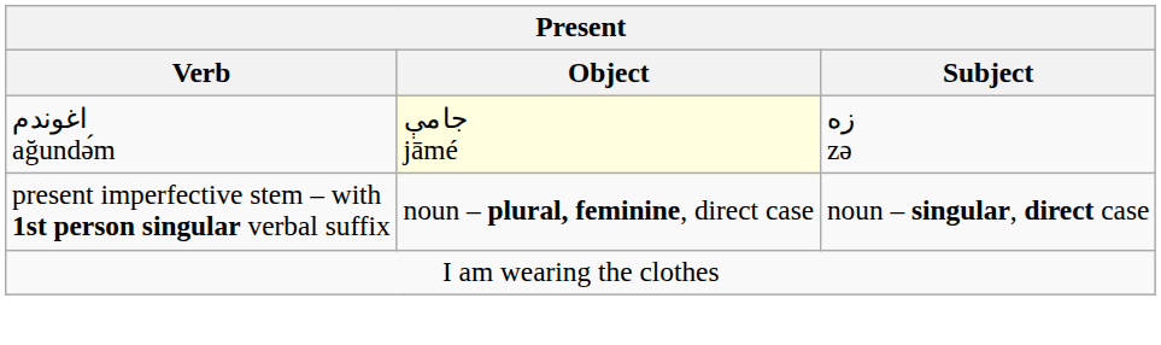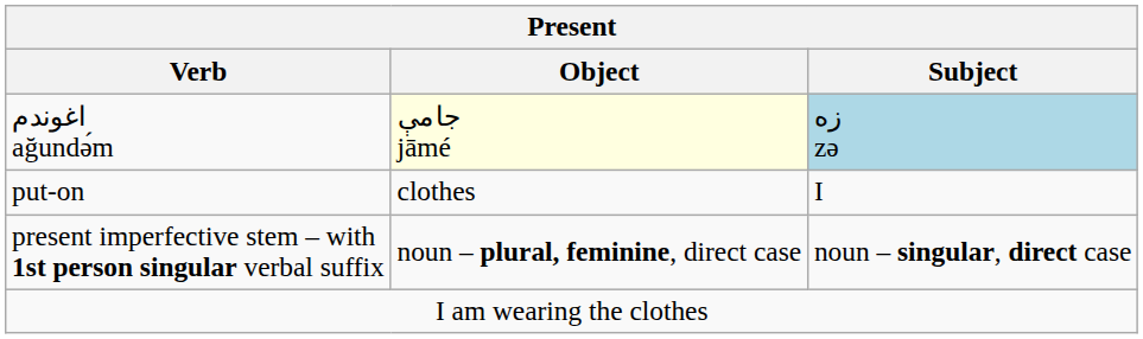 <table class="wikitable">
 <tr>
 <th colspan="3">Present</th>
 </tr>
 <tr>
 <th>Verb</th>
 <th>Object</th>
 <th>Subject</th>
 </tr>
 <tr>
 <td>اغوندم<br>ağundә́m</td>
 <td style="background: lightyellow;">جامې<br>jāmé</td>
-<td>زه<br>zә</td>
+<td style="background: lightblue;">زه<br>zә</td>
+</tr>
+<tr>
+<td>put-on</td>
+<td>clothes</td>
+<td>I</td>
 </tr>
 <tr>
 <td>present imperfective stem – with<br><strong>1st person singular</strong> verbal suffix</td>
 <td>noun – <strong>plural, feminine</strong>, direct case</td>
 <td>noun – <strong>singular</strong>, <strong>direct</strong> case</td>
 </tr>
 <tr>
 <td colspan="3" style="text-align:center;">I am wearing the clothes</td>
 </tr>
 </table>
